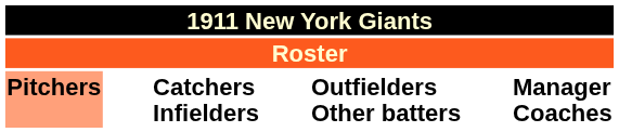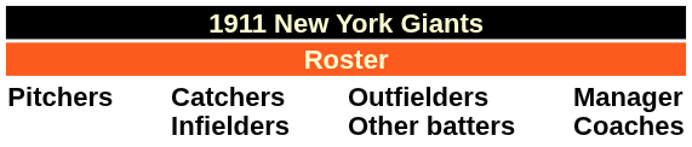 <table class="toccolours" style="font-size: 95%;">
 <tr>
 <th colspan="10" style="background-color: black; color: #FFFDD0; text-align: center;">1911 New York Giants</th>
 </tr>
 <tr>
 <td colspan="10" style="background-color: #fd5a1e; color: #FFFDD0; text-align: center;"><strong>Roster</strong></td>
 </tr>
 <tr>
-<td valign="top" style="background: lightsalmon;"><strong>Pitchers</strong><br>         </td>
+<td valign="top"><strong>Pitchers</strong><br>         </td>
 <td width="25px"></td>
 <td valign="top"><strong>Catchers</strong><br>   <strong>Infielders</strong>        </td>
 <td width="25px"></td>
 <td valign="top"><strong>Outfielders</strong><br>      <strong>Other batters</strong> </td>
 <td width="25px"></td>
 <td valign="top"><strong>Manager</strong><br> <strong>Coaches</strong> </td>
 </tr>
 <tr>
 </tr>
 </table>
